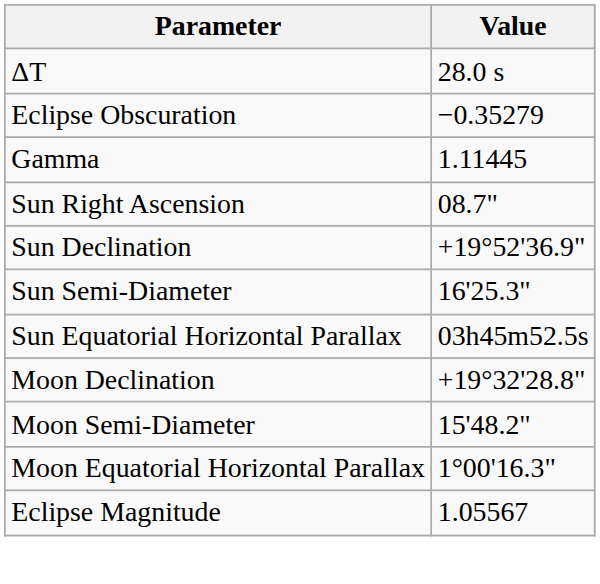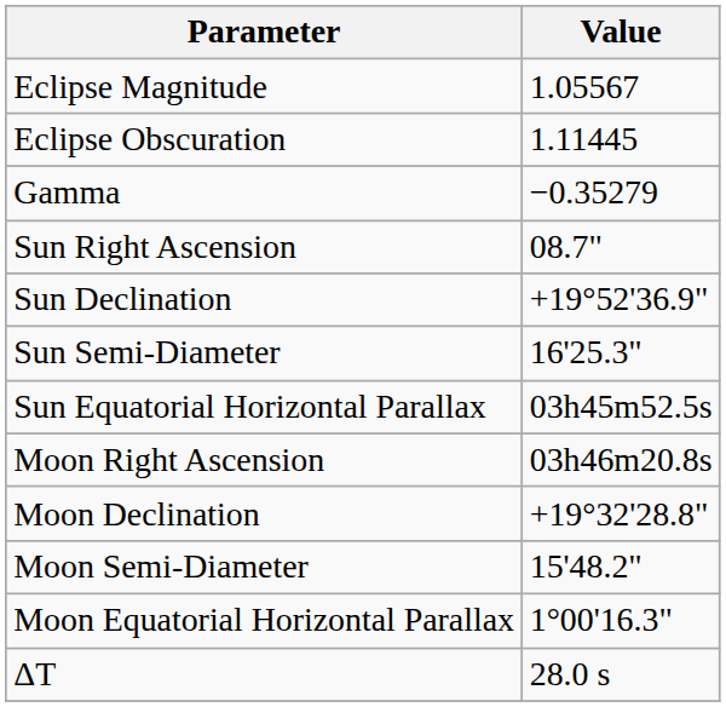 <table class="wikitable">
 <tr>
 <th>Parameter</th>
 <th>Value</th>
 </tr>
 <tr>
-<td>ΔT</td>
-<td>28.0 s</td>
+<td>Eclipse Magnitude</td>
+<td>1.05567</td>
 </tr>
 <tr>
 <td>Eclipse Obscuration</td>
-<td>−0.35279</td>
+<td>1.11445</td>
 </tr>
 <tr>
 <td>Gamma</td>
-<td>1.11445</td>
+<td>−0.35279</td>
 </tr>
 <tr>
 <td>Sun Right Ascension</td>
 <td>08.7"</td>
 </tr>
 <tr>
 <td>Sun Declination</td>
 <td>+19°52'36.9"</td>
 </tr>
 <tr>
 <td>Sun Semi-Diameter</td>
 <td>16'25.3"</td>
 </tr>
 <tr>
 <td>Sun Equatorial Horizontal Parallax</td>
 <td>03h45m52.5s</td>
 </tr>
 <tr>
+<td>Moon Right Ascension</td>
+<td>03h46m20.8s</td>
+</tr>
+<tr>
 <td>Moon Declination</td>
 <td>+19°32'28.8"</td>
 </tr>
 <tr>
 <td>Moon Semi-Diameter</td>
 <td>15'48.2"</td>
 </tr>
 <tr>
 <td>Moon Equatorial Horizontal Parallax</td>
 <td>1°00'16.3"</td>
 </tr>
 <tr>
-<td>Eclipse Magnitude</td>
-<td>1.05567</td>
+<td>ΔT</td>
+<td>28.0 s</td>
 </tr>
 </table>
